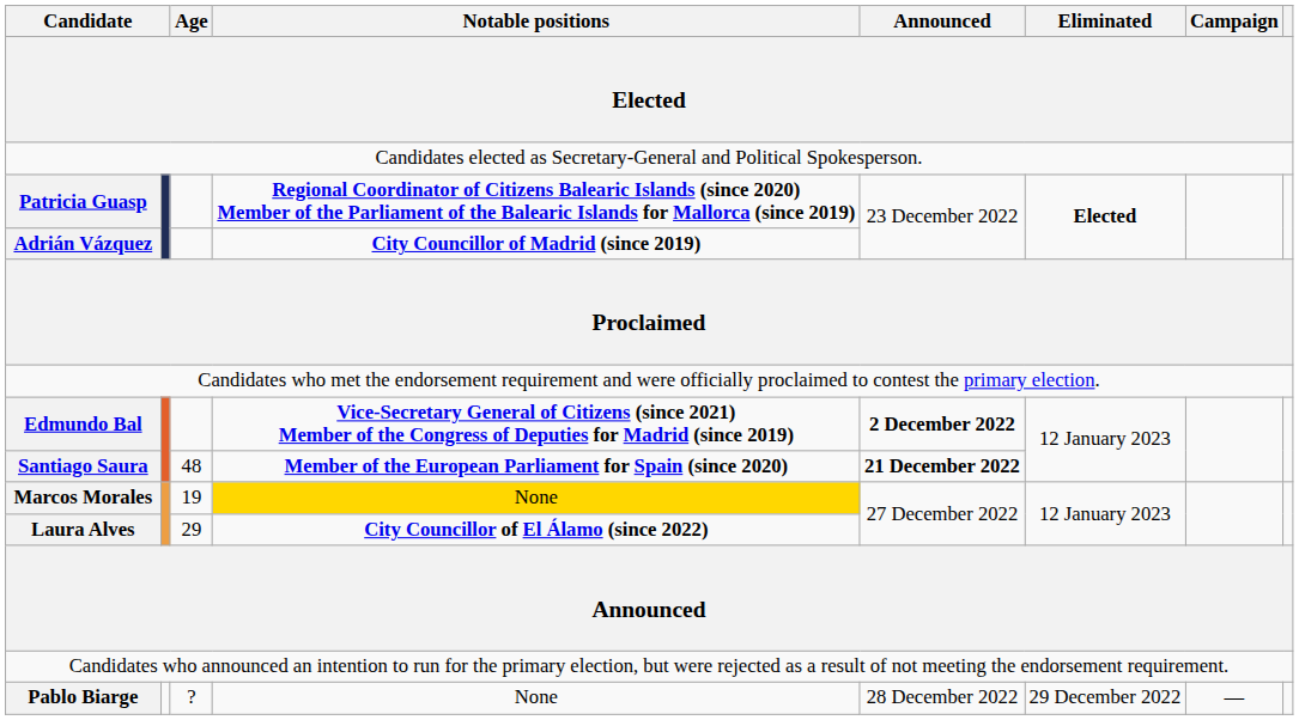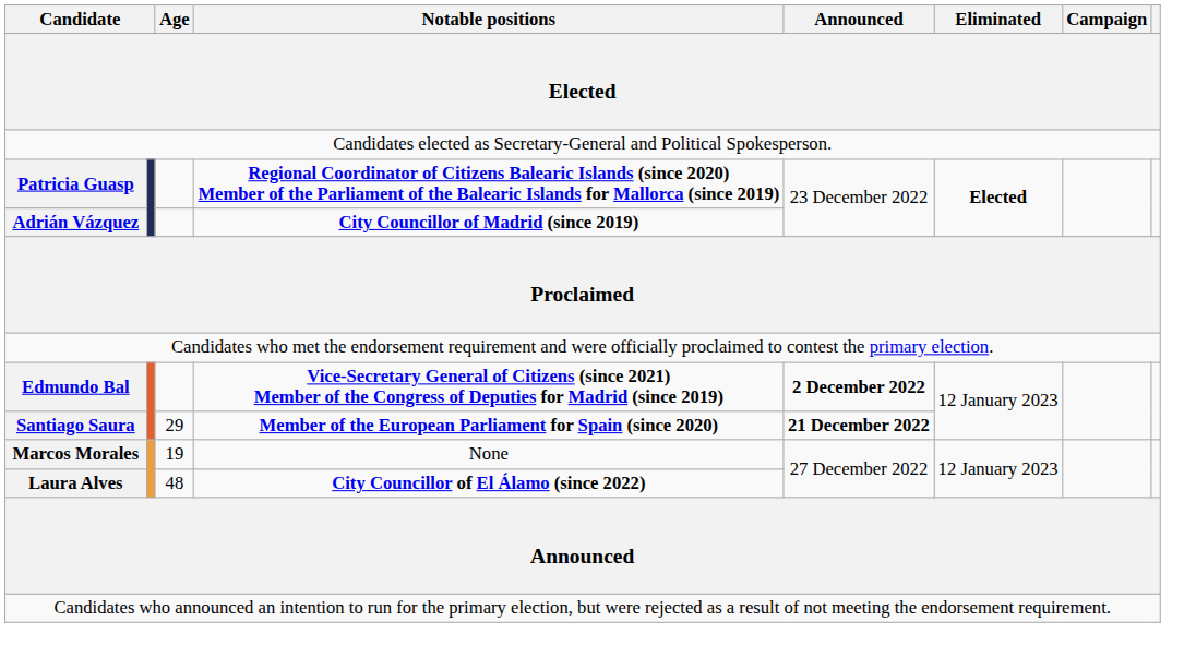 <table class="wikitable" style="text-align:center;">
 <tr>
 <th colspan="2" width="125">Candidate</th>
 <th>Age</th>
 <th>Notable positions</th>
 <th>Announced</th>
 <th>Eliminated</th>
 <th>Campaign</th>
 <th></th>
 </tr>
 <tr>
 <th colspan="8"><br><h3>Elected</h3></th>
 </tr>
 <tr>
 <td colspan="8">Candidates elected as Secretary-General and Political Spokesperson.</td>
 </tr>
 <tr>
 <th><strong><a href='#'>Patricia Guasp</a></strong></th>
 <td rowspan="2" style="background:#1F2D57;"></td>
 <td></td>
 <td><strong><a href='#'>Regional Coordinator of Citizens Balearic Islands</a> (since 2020)<br><a href='#'>Member of the Parliament of the Balearic Islands</a> for <a href='#'>Mallorca</a> (since 2019)</strong></td>
 <td rowspan="2">23 December 2022</td>
 <td rowspan="2"> <strong>Elected</strong></td>
 <td rowspan="2"></td>
 <td rowspan="2"><br><br></td>
 </tr>
 <tr>
 <th><strong><a href='#'>Adrián Vázquez</a></strong></th>
 <td></td>
 <td><strong><a href='#'>City Councillor of Madrid</a> (since 2019)</strong></td>
 </tr>
 <tr>
 <th colspan="8"><br><h3>Proclaimed</h3></th>
 </tr>
 <tr>
 <td colspan="8">Candidates who met the endorsement requirement and were officially proclaimed to contest the <a href='#'>primary election</a>.</td>
 </tr>
 <tr>
 <th><strong><a href='#'>Edmundo Bal</a></strong></th>
 <td rowspan="2" style="background:#E35F2B;"></td>
 <td></td>
 <td><strong><a href='#'>Vice-Secretary General of Citizens</a> (since 2021)<br><a href='#'>Member of the Congress of Deputies</a> for <a href='#'>Madrid</a> (since 2019)</strong></td>
 <td><strong>2 December 2022</strong></td>
 <td rowspan="2">12 January 2023</td>
 <td rowspan="2"></td>
 <td rowspan="2"><br><br><br></td>
 </tr>
 <tr>
 <th><strong><a href='#'>Santiago Saura</a></strong></th>
-<td>48</td>
+<td>29</td>
 <td><strong><a href='#'>Member of the European Parliament</a> for <a href='#'>Spain</a> (since 2020)</strong></td>
 <td><strong>21 December 2022</strong></td>
 </tr>
 <tr>
 <th><strong>Marcos Morales</strong></th>
 <td rowspan="2" style="background:#ED9E43;"></td>
 <td>19</td>
-<td style="background: gold;">None</td>
+<td>None</td>
 <td rowspan="2">27 December 2022</td>
 <td rowspan="2">12 January 2023</td>
 <td rowspan="2"></td>
 <td rowspan="2"><br><br></td>
 </tr>
 <tr>
 <th><strong>Laura Alves</strong></th>
-<td>29</td>
+<td>48</td>
 <td><strong><a href='#'>City Councillor</a> of <a href='#'>El Álamo</a> (since 2022)</strong></td>
 </tr>
 <tr>
 <th colspan="8"><br><h3>Announced</h3></th>
 </tr>
 <tr>
 <td colspan="8">Candidates who announced an intention to run for the primary election, but were rejected as a result of not meeting the endorsement requirement.</td>
 </tr>
-<tr>
-<th><strong>Pablo Biarge</strong></th>
-<td style="color:inherit;background:"></td>
-<td>?</td>
-<td>None</td>
-<td>28 December 2022</td>
-<td>29 December 2022</td>
-<td>—</td>
-<td></td>
-</tr>
 </table>
